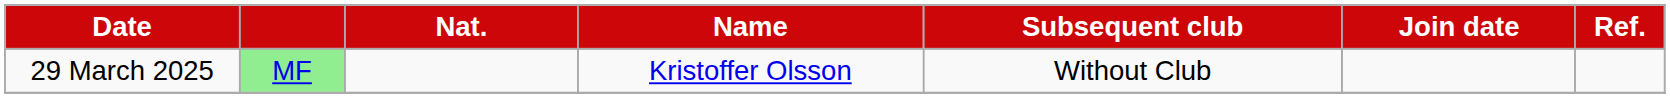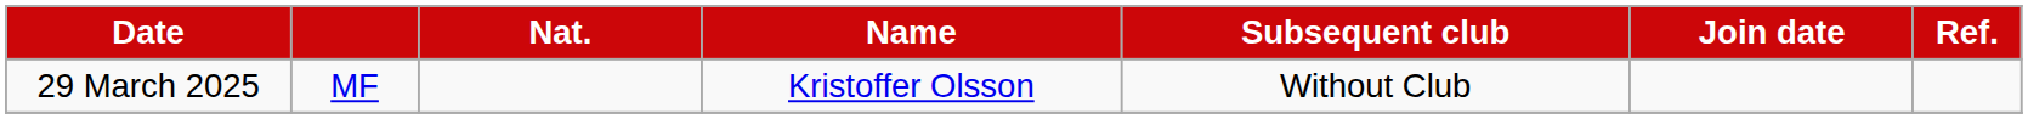 <table class="wikitable" style="text-align:center; font-size:90%">
 <tr>
 <th style="background:#cc0609; color:#fff; width:120px;">Date</th>
 <th style="background:#cc0609; color:#fff; width:50px;"></th>
 <th style="background:#cc0609; color:#fff; width:120px;">Nat.</th>
 <th style="background:#cc0609; color:#fff; width:180px;">Name</th>
 <th style="background:#cc0609; color:#fff; width:220px;">Subsequent club</th>
 <th style="background:#cc0609; color:#fff; width:120px;">Join date</th>
 <th style="background:#cc0609; color:#fff; width:40px;">Ref.</th>
 </tr>
 <tr>
 <td>29 March 2025</td>
-<td style="background: lightgreen;"><a href='#'>MF</a></td>
+<td><a href='#'>MF</a></td>
 <td></td>
 <td><a href='#'>Kristoffer Olsson</a></td>
 <td>Without Club</td>
 <td></td>
 <td></td>
 </tr>
 <tr>
 </tr>
 </table>
